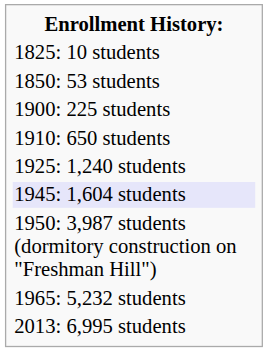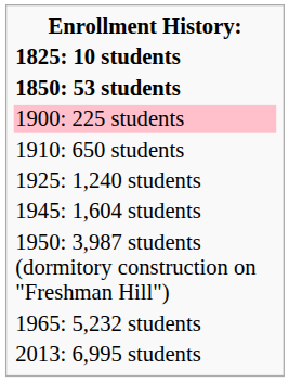 <table class="infobox" style="width:200px;">
 <tr>
 <th colspan=2>Enrollment History:</th>
 </tr>
 <tr>
-<td>1825: 10 students</td>
+<td><strong>1825: 10 students</strong></td>
 </tr>
 <tr>
-<td>1850: 53 students</td>
+<td><strong>1850: 53 students</strong></td>
 </tr>
 <tr>
-<td>1900: 225 students</td>
+<td style="background: pink;">1900: 225 students</td>
 </tr>
 <tr>
 <td>1910: 650 students</td>
 </tr>
 <tr>
 <td>1925: 1,240 students</td>
 </tr>
 <tr>
-<td style="background: lavender;">1945: 1,604 students</td>
+<td>1945: 1,604 students</td>
 </tr>
 <tr>
 <td>1950: 3,987 students (dormitory construction on "Freshman Hill")</td>
 </tr>
 <tr>
 <td>1965: 5,232 students</td>
 </tr>
 <tr>
 <td>2013: 6,995 students</td>
 </tr>
 </table>
